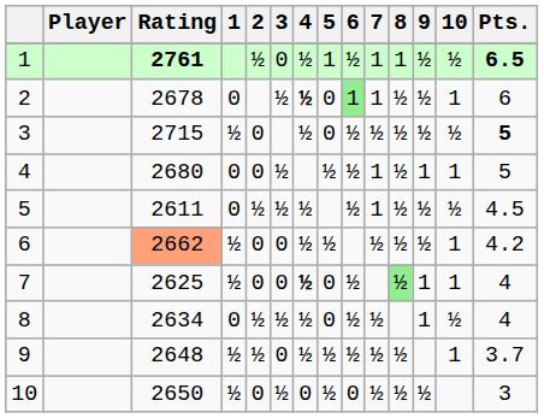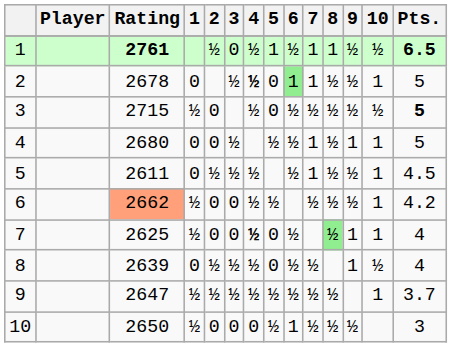 <table class="wikitable" style="font-size: 90%; text-align: center;">
 <tr>
 <th></th>
 <th>Player</th>
 <th>Rating</th>
 <th>1</th>
 <th>2</th>
 <th>3</th>
 <th>4</th>
 <th>5</th>
 <th>6</th>
 <th>7</th>
 <th>8</th>
 <th>9</th>
 <th>10</th>
 <th>Pts.</th>
 </tr>
 <tr>
 </tr>
 <tr style="background:#ccffcc">
 <td>1</td>
 <td align="left"><strong></strong></td>
 <td><strong>2761</strong></td>
 <td></td>
 <td>½</td>
 <td>0</td>
 <td>½</td>
 <td>1</td>
 <td>½</td>
 <td>1</td>
 <td>1</td>
 <td>½</td>
 <td>½</td>
 <td><strong>6.5</strong></td>
 </tr>
 <tr>
 <td>2</td>
 <td align="left"></td>
 <td>2678</td>
 <td>0</td>
 <td></td>
 <td>½</td>
 <td><strong>½</strong></td>
 <td>0</td>
 <td style="background: lightgreen;">1</td>
 <td>1</td>
 <td>½</td>
 <td>½</td>
 <td>1</td>
-<td>6</td>
+<td>5</td>
 </tr>
 <tr>
 <td>3</td>
 <td align="left"></td>
 <td>2715</td>
 <td>½</td>
 <td>0</td>
 <td></td>
 <td>½</td>
 <td>0</td>
 <td>½</td>
 <td>½</td>
 <td>½</td>
 <td>½</td>
 <td>½</td>
 <td><strong>5</strong></td>
 </tr>
 <tr>
 <td>4</td>
 <td align="left"></td>
 <td>2680</td>
 <td>0</td>
 <td>0</td>
 <td>½</td>
 <td></td>
 <td>½</td>
 <td>½</td>
 <td>1</td>
 <td>½</td>
 <td>1</td>
 <td>1</td>
 <td>5</td>
 </tr>
 <tr>
 <td>5</td>
 <td align="left"></td>
 <td>2611</td>
 <td>0</td>
 <td>½</td>
 <td>½</td>
 <td>½</td>
 <td></td>
 <td>½</td>
 <td>1</td>
 <td>½</td>
 <td>½</td>
-<td>½</td>
+<td>1</td>
 <td>4.5</td>
 </tr>
 <tr>
 <td>6</td>
 <td align="left"></td>
 <td style="background: lightsalmon;">2662</td>
 <td>½</td>
 <td>0</td>
 <td>0</td>
 <td>½</td>
 <td>½</td>
 <td></td>
 <td>½</td>
 <td>½</td>
 <td>½</td>
 <td>1</td>
 <td>4.2</td>
 </tr>
 <tr>
 <td>7</td>
 <td align="left"></td>
 <td>2625</td>
 <td>½</td>
 <td>0</td>
 <td>0</td>
 <td><strong>½</strong></td>
 <td>0</td>
 <td>½</td>
 <td></td>
 <td style="background: lightgreen;">½</td>
 <td>1</td>
 <td>1</td>
 <td>4</td>
 </tr>
 <tr>
 <td>8</td>
 <td align="left"></td>
-<td>2634</td>
+<td>2639</td>
 <td>0</td>
 <td>½</td>
 <td>½</td>
 <td>½</td>
 <td>0</td>
 <td>½</td>
 <td>½</td>
 <td></td>
 <td>1</td>
 <td>½</td>
 <td>4</td>
 </tr>
 <tr>
 <td>9</td>
 <td align="left"></td>
-<td>2648</td>
+<td>2647</td>
 <td>½</td>
 <td>½</td>
-<td>0</td>
+<td>½</td>
 <td>½</td>
 <td>½</td>
 <td>½</td>
 <td>½</td>
 <td>½</td>
 <td></td>
 <td>1</td>
 <td>3.7</td>
 </tr>
 <tr>
 <td>10</td>
 <td align="left"></td>
 <td>2650</td>
 <td>½</td>
 <td>0</td>
-<td>½</td>
+<td>0</td>
 <td>0</td>
 <td>½</td>
-<td>0</td>
+<td>1</td>
 <td>½</td>
 <td>½</td>
 <td>½</td>
 <td></td>
 <td>3</td>
 </tr>
 </table>
